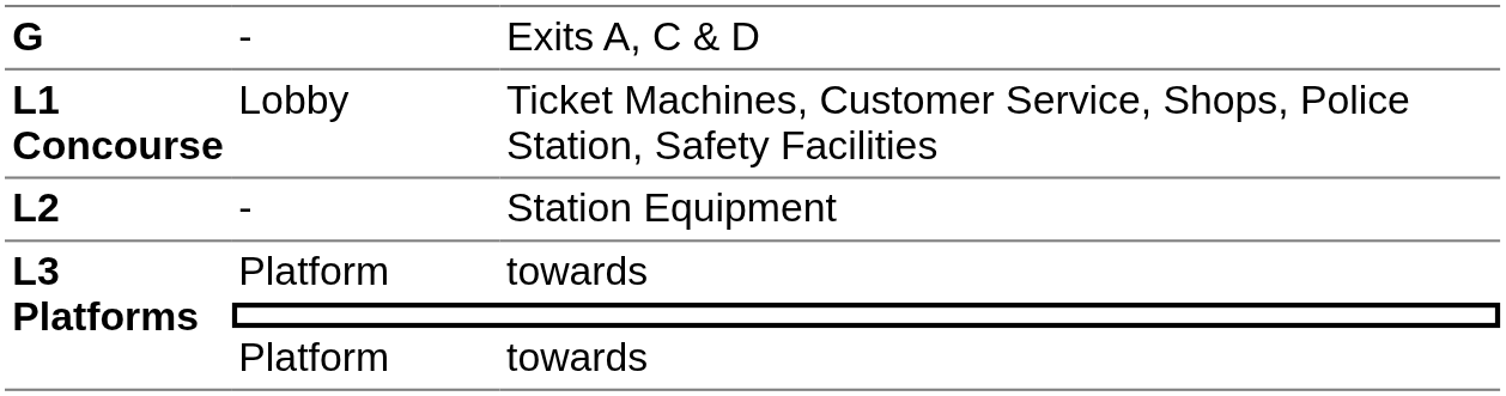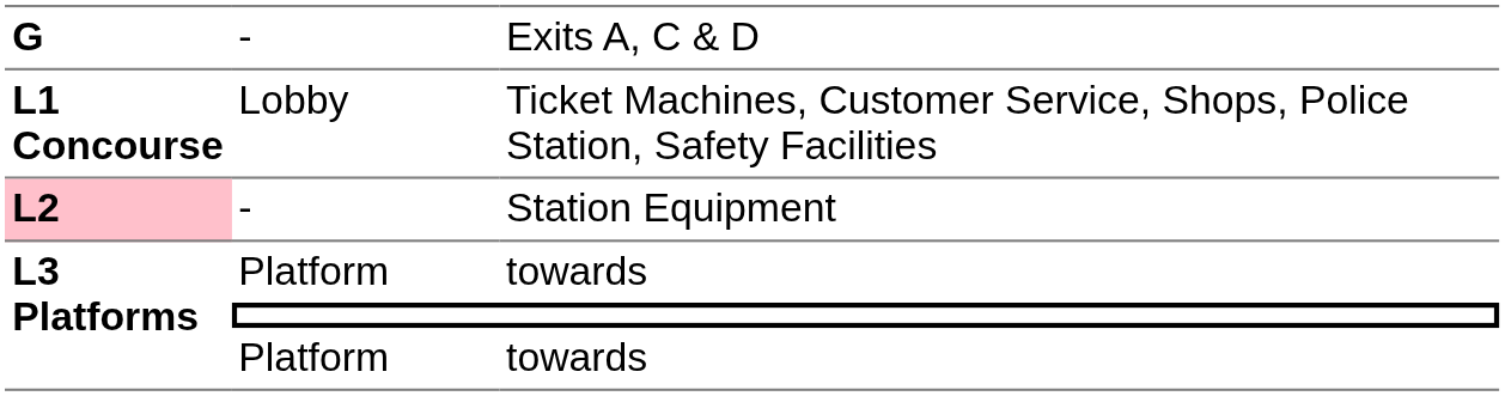 <table border=0 cellspacing=0 cellpadding=3>
 <tr>
 <td style="border-top:solid 1px gray;" width=50 valign=top><strong>G</strong></td>
 <td style="border-top:solid 1px gray;" width=100 valign=top>-</td>
 <td style="border-top:solid 1px gray;" width=390 valign=top>Exits A, C & D</td>
 </tr>
 <tr>
 <td style="border-bottom:solid 1px gray; border-top:solid 1px gray;" valign=top><strong>L1<br>Concourse</strong></td>
 <td style="border-bottom:solid 1px gray; border-top:solid 1px gray;" valign=top>Lobby</td>
 <td style="border-bottom:solid 1px gray; border-top:solid 1px gray;" valign=top>Ticket Machines, Customer Service, Shops, Police Station, Safety Facilities</td>
 </tr>
 <tr>
-<td style="border-bottom:solid 1px gray;" valign=top><strong>L2</strong></td>
+<td style="background: pink; border-bottom:solid 1px gray;" valign=top><strong>L2</strong></td>
 <td style="border-bottom:solid 1px gray;" valign=top>-</td>
 <td style="border-bottom:solid 1px gray;" valign=top>Station Equipment</td>
 </tr>
 <tr>
 <td style="border-bottom:solid 1px gray;" rowspan=3 valign=top><strong>L3<br>Platforms</strong></td>
 <td>Platform </td>
 <td>  towards  </td>
 </tr>
 <tr>
 <td style="border-right:solid 2px black;border-left:solid 2px black;border-top:solid 2px black;border-bottom:solid 2px black;text-align:center;" colspan=2></td>
 </tr>
 <tr>
 <td style="border-bottom:solid 1px gray;">Platform </td>
 <td style="border-bottom:solid 1px gray;"> towards    </td>
 </tr>
 </table>
